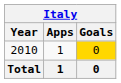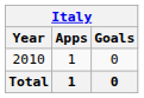 <table class="wikitable" style="text-align:center">
 <tr>
 <th colspan=5><a href='#'>Italy</a></th>
 </tr>
 <tr>
 <th>Year</th>
 <th>Apps</th>
 <th>Goals</th>
 </tr>
 <tr>
 <td>2010</td>
 <td>1</td>
-<td style="background: gold;">0</td>
+<td>0</td>
 </tr>
 <tr>
 <th>Total</th>
 <th>1</th>
 <th>0</th>
 </tr>
 </table>
